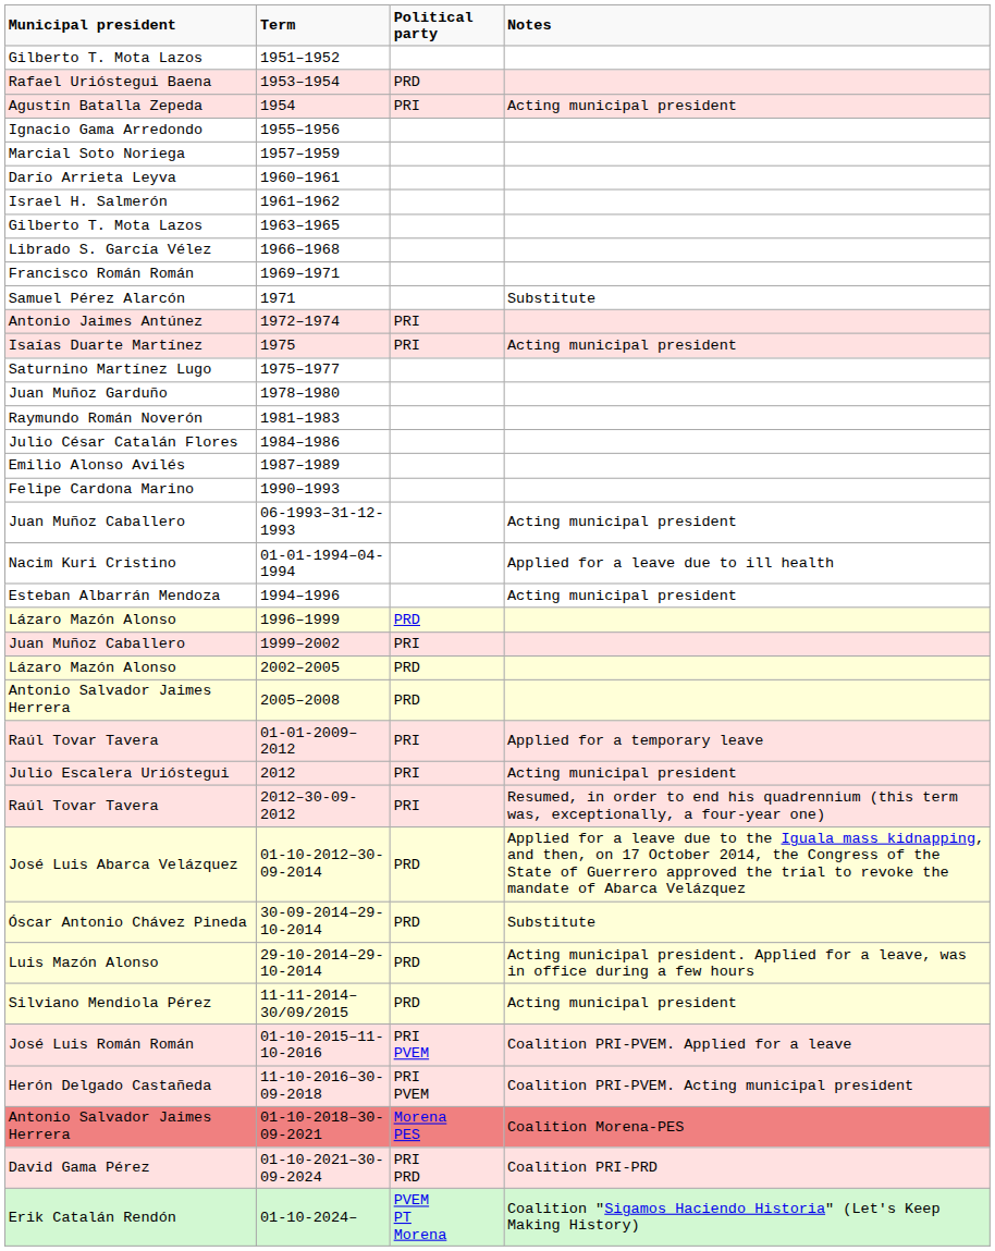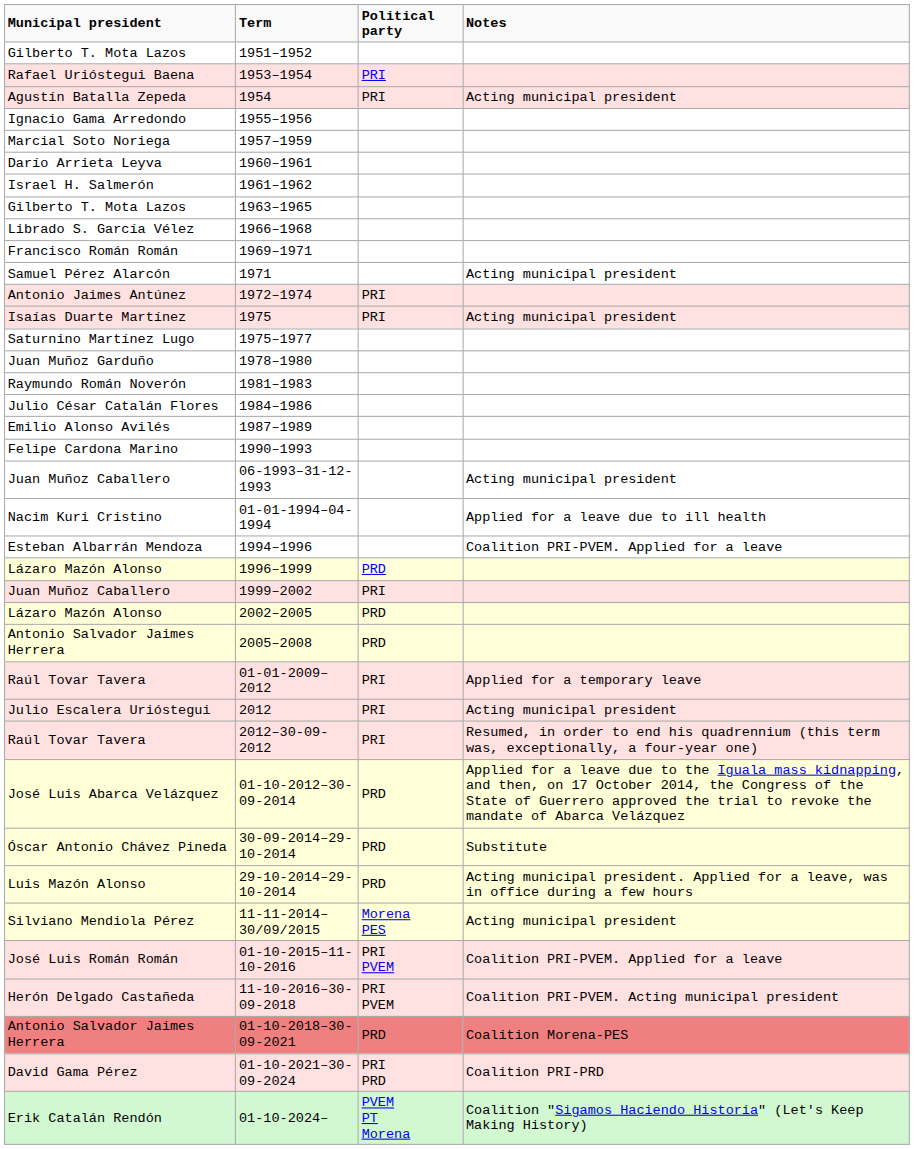 <table class="wikitable">
 <tr>
 <td width=250px><strong>Municipal president</strong></td>
 <td width=120px><strong>Term</strong></td>
 <td width=100px><strong>Political party</strong></td>
 <td width=500px><strong>Notes</strong></td>
 </tr>
 <tr style="background:#ffffff">
 <td>Gilberto T. Mota Lazos</td>
 <td>1951–1952</td>
 <td></td>
 <td></td>
 </tr>
 <tr style="background:#ffe1e1">
 <td>Rafael Urióstegui Baena</td>
 <td>1953–1954</td>
-<td>PRD </td>
+<td><a href='#'>PRI</a> </td>
 <td></td>
 </tr>
 <tr style="background:#ffe1e1">
 <td>Agustín Batalla Zepeda</td>
 <td>1954</td>
 <td>PRI </td>
 <td>Acting municipal president</td>
 </tr>
 <tr style="background:#ffffff">
 <td>Ignacio Gama Arredondo</td>
 <td>1955–1956</td>
 <td></td>
 <td></td>
 </tr>
 <tr style="background:#ffffff">
 <td>Marcial Soto Noriega</td>
 <td>1957–1959</td>
 <td></td>
 <td></td>
 </tr>
 <tr style="background:#ffffff">
 <td>Darío Arrieta Leyva</td>
 <td>1960–1961</td>
 <td></td>
 <td></td>
 </tr>
 <tr style="background:#ffffff">
 <td>Israel H. Salmerón</td>
 <td>1961–1962</td>
 <td></td>
 <td></td>
 </tr>
 <tr style="background:#ffffff">
 <td>Gilberto T. Mota Lazos</td>
 <td>1963–1965</td>
 <td></td>
 <td></td>
 </tr>
 <tr style="background:#ffffff">
 <td>Librado S. García Vélez</td>
 <td>1966–1968</td>
 <td></td>
 <td></td>
 </tr>
 <tr style="background:#ffffff">
 <td>Francisco Román Román</td>
 <td>1969–1971</td>
 <td></td>
 <td></td>
 </tr>
 <tr style="background:#ffffff">
 <td>Samuel Pérez Alarcón</td>
 <td>1971</td>
 <td></td>
-<td>Substitute</td>
+<td>Acting municipal president</td>
 </tr>
 <tr style="background:#ffe1e1">
 <td>Antonio Jaimes Antúnez</td>
 <td>1972–1974</td>
 <td>PRI </td>
 <td></td>
 </tr>
 <tr style="background:#ffe1e1">
 <td>Isaías Duarte Martínez</td>
 <td>1975</td>
 <td>PRI </td>
 <td>Acting municipal president</td>
 </tr>
 <tr style="background:#ffffff">
 <td>Saturnino Martínez Lugo</td>
 <td>1975–1977</td>
 <td></td>
 <td></td>
 </tr>
 <tr style="background:#ffffff">
 <td>Juan Muñoz Garduño</td>
 <td>1978–1980</td>
 <td></td>
 <td></td>
 </tr>
 <tr style="background:#ffffff">
 <td>Raymundo Román Noverón</td>
 <td>1981–1983</td>
 <td></td>
 <td></td>
 </tr>
 <tr style="background:#ffffff">
 <td>Julio César Catalán Flores</td>
 <td>1984–1986</td>
 <td></td>
 <td></td>
 </tr>
 <tr style="background:#ffffff">
 <td>Emilio Alonso Avilés</td>
 <td>1987–1989</td>
 <td></td>
 <td></td>
 </tr>
 <tr style="background:#ffffff">
 <td>Felipe Cardona Marino</td>
 <td>1990–1993</td>
 <td></td>
 <td></td>
 </tr>
 <tr style="background:#ffffff">
 <td>Juan Muñoz Caballero</td>
 <td>06-1993–31-12-1993</td>
 <td></td>
 <td>Acting municipal president</td>
 </tr>
 <tr style="background:#ffffff">
 <td>Nacim Kuri Cristino</td>
 <td>01-01-1994–04-1994</td>
 <td></td>
 <td>Applied for a leave due to ill health</td>
 </tr>
 <tr style="background:#ffffff">
 <td>Esteban Albarrán Mendoza</td>
 <td>1994–1996</td>
 <td></td>
-<td>Acting municipal president</td>
+<td>Coalition PRI-PVEM. Applied for a leave</td>
 </tr>
 <tr style="background:#ffffd8">
 <td>Lázaro Mazón Alonso</td>
 <td>1996–1999</td>
 <td><a href='#'>PRD</a> </td>
 <td></td>
 </tr>
 <tr style="background:#ffe1e1">
 <td>Juan Muñoz Caballero</td>
 <td>1999–2002</td>
 <td>PRI </td>
 <td></td>
 </tr>
 <tr style="background:#ffffd8">
 <td>Lázaro Mazón Alonso</td>
 <td>2002–2005</td>
 <td>PRD </td>
 <td></td>
 </tr>
 <tr style="background:#ffffd8">
 <td>Antonio Salvador Jaimes Herrera</td>
 <td>2005–2008</td>
 <td>PRD </td>
 <td></td>
 </tr>
 <tr style="background:#ffe1e1">
 <td>Raúl Tovar Tavera</td>
 <td>01-01-2009–2012</td>
 <td>PRI </td>
 <td>Applied for a temporary leave</td>
 </tr>
 <tr style="background:#ffe1e1">
 <td>Julio Escalera Urióstegui</td>
 <td>2012</td>
 <td>PRI </td>
 <td>Acting municipal president</td>
 </tr>
 <tr style="background:#ffe1e1">
 <td>Raúl Tovar Tavera</td>
 <td>2012–30-09-2012</td>
 <td>PRI </td>
 <td>Resumed, in order to end his quadrennium (this term was, exceptionally, a four-year one)</td>
 </tr>
 <tr style="background:#ffffd8">
 <td>José Luis Abarca Velázquez</td>
 <td>01-10-2012–30-09-2014</td>
 <td>PRD </td>
 <td>Applied for a leave due to the <a href='#'>Iguala mass kidnapping</a>, and then, on 17 October 2014, the Congress of the State of Guerrero approved the trial to revoke the mandate of Abarca Velázquez</td>
 </tr>
 <tr style="background:#ffffd8">
 <td>Óscar Antonio Chávez Pineda</td>
 <td>30-09-2014–29-10-2014</td>
 <td>PRD </td>
 <td>Substitute</td>
 </tr>
 <tr style="background:#ffffd8">
 <td>Luis Mazón Alonso</td>
 <td>29-10-2014–29-10-2014</td>
 <td>PRD </td>
 <td>Acting municipal president. Applied for a leave, was in office during a few hours</td>
 </tr>
 <tr style="background:#ffffd8">
 <td>Silviano Mendiola Pérez</td>
 <td>11-11-2014–30/09/2015</td>
-<td>PRD </td>
+<td><a href='#'>Morena</a>  <br><a href='#'>PES</a> </td>
 <td>Acting municipal president</td>
 </tr>
 <tr style="background:#ffe1e1">
 <td>José Luis Román Román</td>
 <td>01-10-2015–11-10-2016</td>
 <td>PRI  <br><a href='#'>PVEM</a> </td>
 <td>Coalition PRI-PVEM. Applied for a leave</td>
 </tr>
 <tr style="background:#ffe1e1">
 <td>Herón Delgado Castañeda</td>
 <td>11-10-2016–30-09-2018</td>
 <td>PRI  <br>PVEM </td>
 <td>Coalition PRI-PVEM. Acting municipal president</td>
 </tr>
 <tr style="background:#f08080">
 <td>Antonio Salvador Jaimes Herrera</td>
 <td>01-10-2018–30-09-2021</td>
-<td><a href='#'>Morena</a>  <br><a href='#'>PES</a> </td>
+<td>PRD </td>
 <td>Coalition Morena-PES</td>
 </tr>
 <tr style="background:#ffe1e1">
 <td>David Gama Pérez</td>
 <td>01-10-2021–30-09-2024</td>
 <td>PRI  <br>PRD </td>
 <td>Coalition PRI-PRD</td>
 </tr>
 <tr style="background:#d2f8d2">
 <td>Erik Catalán Rendón</td>
 <td>01-10-2024–</td>
 <td><a href='#'>PVEM</a>  <br> <a href='#'>PT</a> <br> <a href='#'>Morena</a> </td>
 <td>Coalition "<a href='#'>Sigamos Haciendo Historia</a>" (Let's Keep Making History)</td>
 </tr>
 </table>
